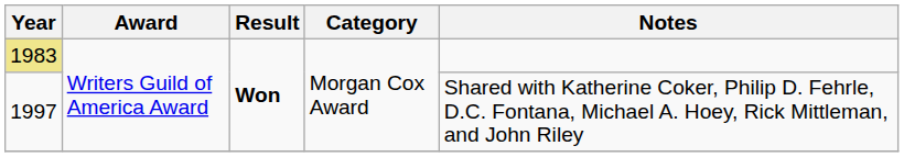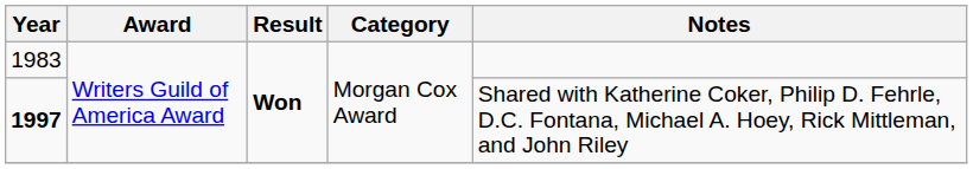 <table class="wikitable" style="font-size: 90%;">
 <tr>
 <th>Year</th>
 <th>Award</th>
 <th>Result</th>
 <th>Category</th>
 <th>Notes</th>
 </tr>
 <tr>
-<td style="background: khaki;">1983</td>
+<td>1983</td>
 <td rowspan=2><a href='#'>Writers Guild of America Award</a></td>
 <td rowspan=2><strong>Won</strong></td>
 <td rowspan=2>Morgan Cox Award</td>
 <td></td>
 </tr>
 <tr>
-<td>1997</td>
+<td><strong>1997</strong></td>
 <td>Shared with Katherine Coker, Philip D. Fehrle, D.C. Fontana, Michael A. Hoey, Rick Mittleman, and John Riley</td>
 </tr>
 <tr>
 </tr>
 </table>
